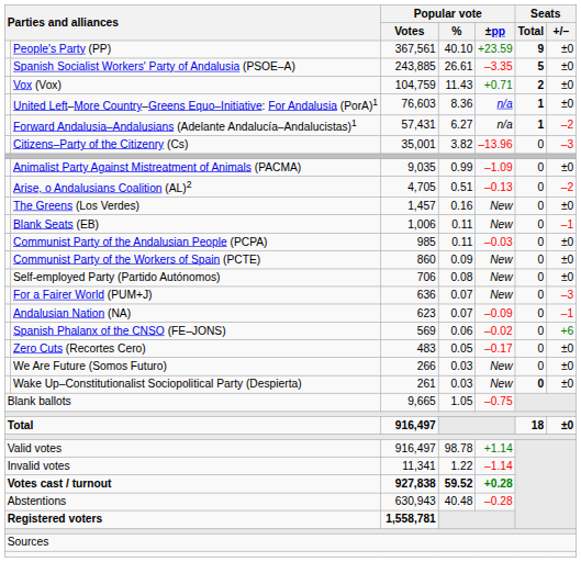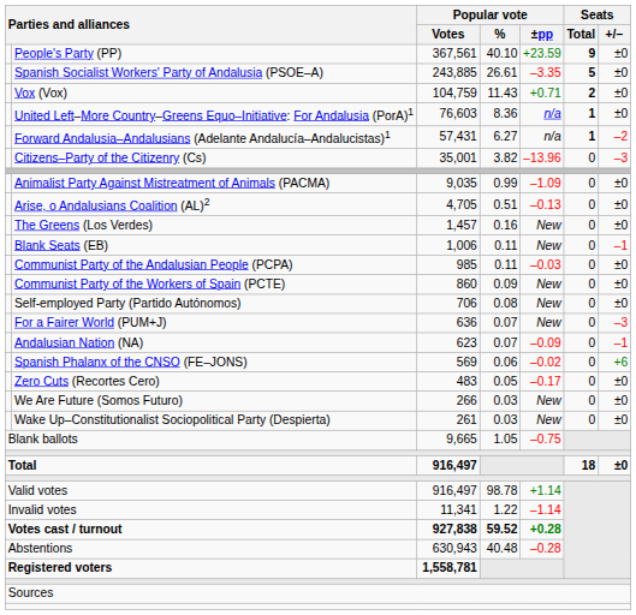 <table class="wikitable" style="text-align:right;">
 <tr>
 <th style="text-align:left;" rowspan="2" colspan="2" width="525">Parties and alliances</th>
 <th colspan="3">Popular vote</th>
 <th colspan="2">Seats</th>
 </tr>
 <tr>
 <th width="75">Votes</th>
 <th width="45">%</th>
 <th width="45">±<a href='#'>pp</a></th>
 <th width="35">Total</th>
 <th width="35">+/−</th>
 </tr>
 <tr>
 <td width="1" style="color:inherit;background:"></td>
 <td align="left"><a href='#'>People's Party</a> (PP)</td>
 <td>367,561</td>
 <td>40.10</td>
 <td style="color:green;">+23.59</td>
 <td><strong>9</strong></td>
 <td>±0</td>
 </tr>
 <tr>
 <td style="color:inherit;background:"></td>
 <td align="left"><a href='#'>Spanish Socialist Workers' Party of Andalusia</a> (PSOE–A)</td>
 <td>243,885</td>
 <td>26.61</td>
 <td style="color:red;">–3.35</td>
 <td><strong>5</strong></td>
 <td>±0</td>
 </tr>
 <tr>
 <td style="color:inherit;background:"></td>
 <td align="left"><a href='#'>Vox</a> (Vox)</td>
 <td>104,759</td>
 <td>11.43</td>
 <td style="color:green;">+0.71</td>
 <td><strong>2</strong></td>
 <td>±0</td>
 </tr>
 <tr>
 <td style="color:inherit;background:"></td>
 <td align="left"><a href='#'>United Left</a>–<a href='#'>More Country</a>–<a href='#'>Greens Equo–Initiative</a>: <a href='#'>For Andalusia</a> (PorA)<sup>1</sup></td>
 <td>76,603</td>
 <td>8.36</td>
 <td><em><a href='#'>n/a</a></em></td>
 <td><strong>1</strong></td>
 <td>±0</td>
 </tr>
 <tr>
 <td style="color:inherit;background:"></td>
 <td align="left"><a href='#'>Forward Andalusia–Andalusians</a> (Adelante Andalucía–Andalucistas)<sup>1</sup></td>
 <td>57,431</td>
 <td>6.27</td>
 <td><em>n/a</em></td>
 <td><strong>1</strong></td>
 <td style="color:red;">–2</td>
 </tr>
 <tr>
 <td style="color:inherit;background:"></td>
 <td align="left"><a href='#'>Citizens–Party of the Citizenry</a> (Cs)</td>
 <td>35,001</td>
 <td>3.82</td>
 <td style="color:red;">–13.96</td>
 <td>0</td>
 <td style="color:red;">–3</td>
 </tr>
 <tr>
 <td colspan="7" bgcolor="#C0C0C0"></td>
 </tr>
 <tr>
 <td style="color:inherit;background:"></td>
 <td align="left"><a href='#'>Animalist Party Against Mistreatment of Animals</a> (PACMA)</td>
 <td>9,035</td>
 <td>0.99</td>
 <td style="color:red;">–1.09</td>
 <td>0</td>
 <td>±0</td>
 </tr>
 <tr>
 <td style="color:inherit;background:"></td>
 <td align="left"><a href='#'>Arise, o Andalusians Coalition</a> (AL)<sup>2</sup></td>
 <td>4,705</td>
 <td>0.51</td>
 <td style="color:red;">–0.13</td>
 <td>0</td>
-<td style="color:red;">–2</td>
+<td>±0</td>
 </tr>
 <tr>
 <td style="color:inherit;background:"></td>
 <td align="left"><a href='#'>The Greens</a> (Los Verdes)</td>
 <td>1,457</td>
 <td>0.16</td>
 <td><em>New</em></td>
 <td>0</td>
 <td>±0</td>
 </tr>
 <tr>
 <td style="color:inherit;background:"></td>
 <td align="left"><a href='#'>Blank Seats</a> (EB)</td>
 <td>1,006</td>
 <td>0.11</td>
 <td><em>New</em></td>
 <td>0</td>
 <td style="color:red;">–1</td>
 </tr>
 <tr>
 <td style="color:inherit;background:"></td>
 <td align="left"><a href='#'>Communist Party of the Andalusian People</a> (PCPA)</td>
 <td>985</td>
 <td>0.11</td>
 <td style="color:red;">–0.03</td>
 <td>0</td>
 <td>±0</td>
 </tr>
 <tr>
 <td style="color:inherit;background:"></td>
 <td align="left"><a href='#'>Communist Party of the Workers of Spain</a> (PCTE)</td>
 <td>860</td>
 <td>0.09</td>
 <td><em>New</em></td>
 <td>0</td>
 <td>±0</td>
 </tr>
 <tr>
 <td style="color:inherit;background:"></td>
 <td align="left">Self-employed Party (Partido Autónomos)</td>
 <td>706</td>
 <td>0.08</td>
 <td><em>New</em></td>
 <td>0</td>
 <td>±0</td>
 </tr>
 <tr>
 <td style="color:inherit;background:"></td>
 <td align="left"><a href='#'>For a Fairer World</a> (PUM+J)</td>
 <td>636</td>
 <td>0.07</td>
 <td><em>New</em></td>
 <td>0</td>
 <td style="color:red;">–3</td>
 </tr>
 <tr>
 <td style="color:inherit;background:"></td>
 <td align="left"><a href='#'>Andalusian Nation</a> (NA)</td>
 <td>623</td>
 <td>0.07</td>
 <td style="color:red;">–0.09</td>
 <td>0</td>
 <td style="color:red;">–1</td>
 </tr>
 <tr>
 <td style="color:inherit;background:"></td>
 <td align="left"><a href='#'>Spanish Phalanx of the CNSO</a> (FE–JONS)</td>
 <td>569</td>
 <td>0.06</td>
 <td style="color:red;">–0.02</td>
 <td>0</td>
 <td style="color:green;">+6</td>
 </tr>
 <tr>
 <td style="color:inherit;background:"></td>
 <td align="left"><a href='#'>Zero Cuts</a> (Recortes Cero)</td>
 <td>483</td>
 <td>0.05</td>
 <td style="color:red;">–0.17</td>
 <td>0</td>
 <td>±0</td>
 </tr>
 <tr>
 <td style="color:inherit;background:"></td>
 <td align="left">We Are Future (Somos Futuro)</td>
 <td>266</td>
 <td>0.03</td>
 <td><em>New</em></td>
 <td>0</td>
 <td>±0</td>
 </tr>
 <tr>
 <td style="color:inherit;background:"></td>
 <td align="left">Wake Up–Constitutionalist Sociopolitical Party (Despierta)</td>
 <td>261</td>
 <td>0.03</td>
 <td><em>New</em></td>
-<td><strong>0</strong></td>
+<td>0</td>
 <td>±0</td>
 </tr>
 <tr>
 <td align="left" colspan="2">Blank ballots</td>
 <td>9,665</td>
 <td>1.05</td>
 <td style="color:red;">–0.75</td>
 <td bgcolor="#E9E9E9" colspan="2"></td>
 </tr>
 <tr>
 <td colspan="7" bgcolor="#E9E9E9"></td>
 </tr>
 <tr style="font-weight:bold;">
 <td align="left" colspan="2">Total</td>
 <td>916,497</td>
 <td bgcolor="#E9E9E9" colspan="2"></td>
 <td>18</td>
 <td>±0</td>
 </tr>
 <tr>
 <td colspan="7" bgcolor="#E9E9E9"></td>
 </tr>
 <tr>
 <td align="left" colspan="2">Valid votes</td>
 <td>916,497</td>
 <td>98.78</td>
 <td style="color:green;">+1.14</td>
 <td bgcolor="#E9E9E9" colspan="2" rowspan="5"></td>
 </tr>
 <tr>
 <td align="left" colspan="2">Invalid votes</td>
 <td>11,341</td>
 <td>1.22</td>
 <td style="color:red;">–1.14</td>
 </tr>
 <tr style="font-weight:bold;">
 <td align="left" colspan="2">Votes cast / turnout</td>
 <td>927,838</td>
 <td>59.52</td>
 <td style="color:green;">+0.28</td>
 </tr>
 <tr>
 <td align="left" colspan="2">Abstentions</td>
 <td>630,943</td>
 <td>40.48</td>
 <td style="color:red;">–0.28</td>
 </tr>
 <tr style="font-weight:bold;">
 <td align="left" colspan="2">Registered voters</td>
 <td>1,558,781</td>
 <td bgcolor="#E9E9E9" colspan="2"></td>
 </tr>
 <tr>
 <td colspan="7" bgcolor="#E9E9E9"></td>
 </tr>
 <tr>
 <td align="left" colspan="7">Sources</td>
 </tr>
 <tr>
 <td colspan="7" style="text-align:left; max-width:790px;"></td>
 </tr>
 </table>
